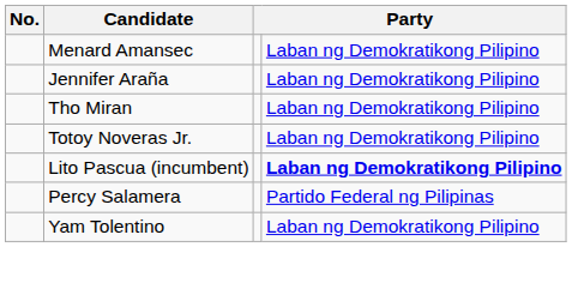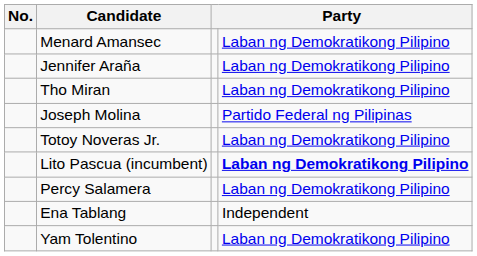 <table class="wikitable sortable" style="text-align:left;">
 <tr>
 <th>No.</th>
 <th>Candidate</th>
 <th colspan="2">Party</th>
 </tr>
 <tr>
 <td></td>
 <td>Menard Amansec</td>
 <td></td>
 <td><a href='#'>Laban ng Demokratikong Pilipino</a></td>
 </tr>
 <tr>
 <td></td>
 <td>Jennifer Araña</td>
 <td></td>
 <td><a href='#'>Laban ng Demokratikong Pilipino</a></td>
 </tr>
 <tr>
 <td></td>
 <td>Tho Miran</td>
 <td></td>
 <td><a href='#'>Laban ng Demokratikong Pilipino</a></td>
 </tr>
 <tr>
 <td></td>
+<td>Joseph Molina</td>
+<td></td>
+<td><a href='#'>Partido Federal ng Pilipinas</a></td>
+</tr>
+<tr>
+<td></td>
 <td>Totoy Noveras Jr.</td>
 <td></td>
 <td><a href='#'>Laban ng Demokratikong Pilipino</a></td>
 </tr>
 <tr>
 <td></td>
 <td>Lito Pascua (incumbent)</td>
 <td></td>
 <td><strong><a href='#'>Laban ng Demokratikong Pilipino</a></strong></td>
 </tr>
 <tr>
 <td></td>
 <td>Percy Salamera</td>
 <td></td>
-<td><a href='#'>Partido Federal ng Pilipinas</a></td>
+<td><a href='#'>Laban ng Demokratikong Pilipino</a></td>
+</tr>
+<tr>
+<td></td>
+<td>Ena Tablang</td>
+<td></td>
+<td>Independent</td>
 </tr>
 <tr>
 <td></td>
 <td>Yam Tolentino</td>
 <td></td>
 <td><a href='#'>Laban ng Demokratikong Pilipino</a></td>
 </tr>
 </table>
